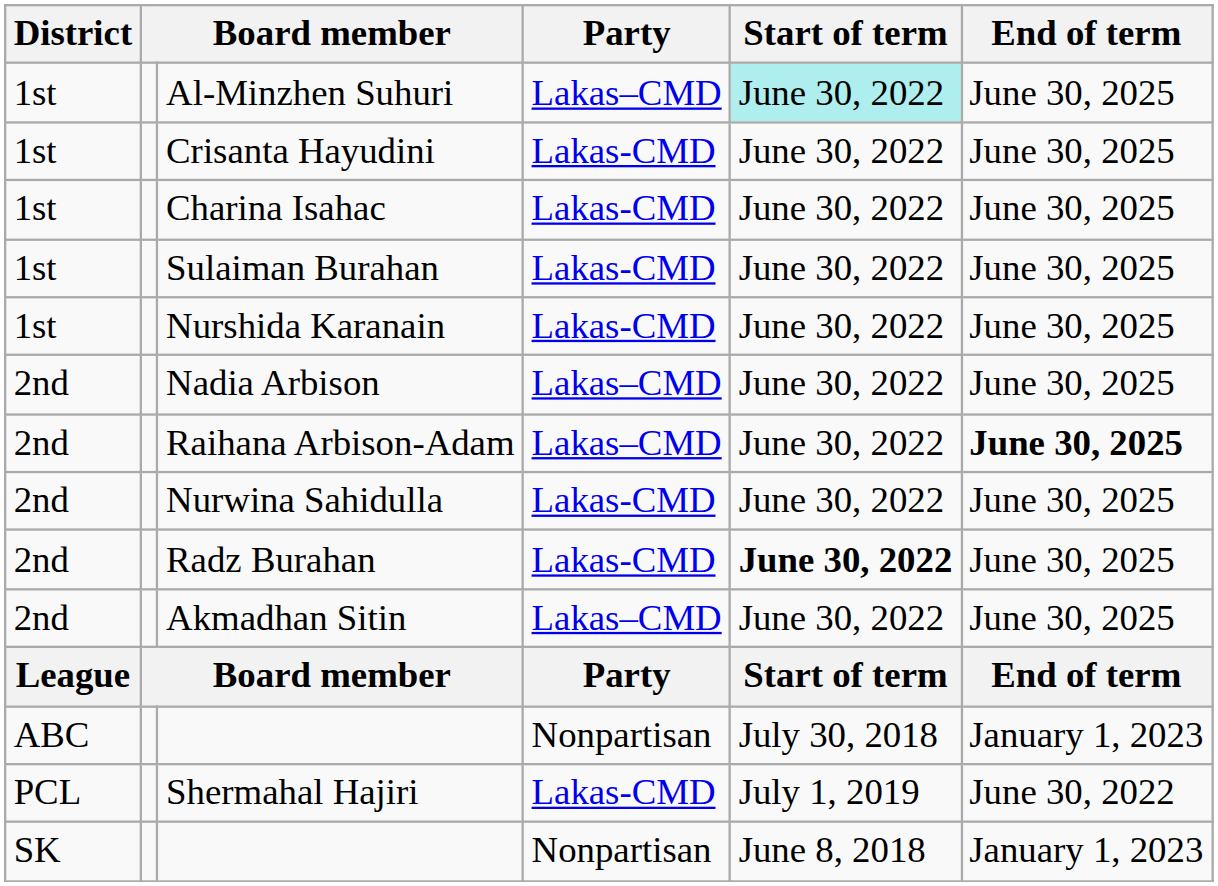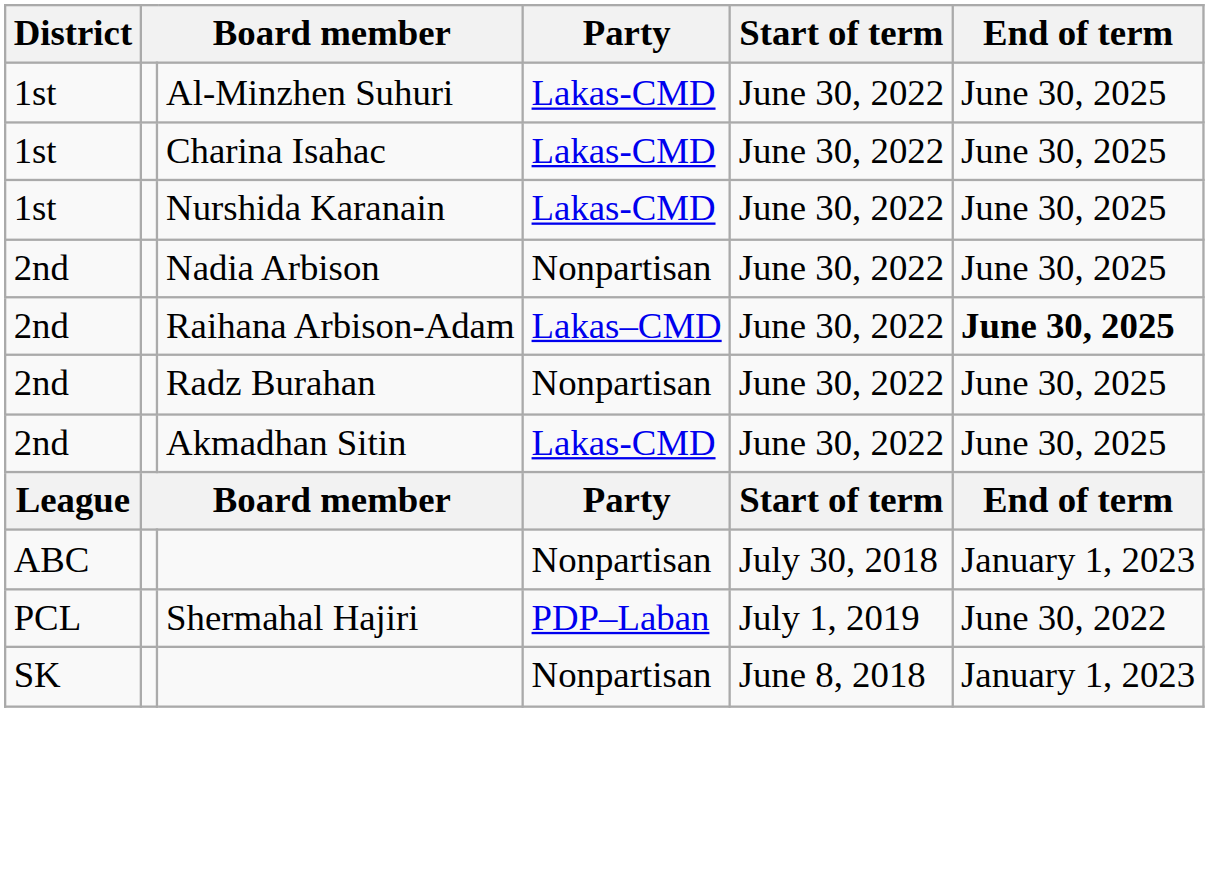 <table class="wikitable">
 <tr>
 <th>District</th>
 <th colspan="2">Board member</th>
 <th>Party</th>
 <th>Start of term</th>
 <th>End of term</th>
 </tr>
 <tr>
 <td>1st</td>
 <td></td>
 <td>Al-Minzhen Suhuri</td>
-<td><a href='#'>Lakas–CMD</a></td>
-<td style="background: paleturquoise;">June 30, 2022</td>
-<td>June 30, 2025</td>
-</tr>
-<tr>
-<td>1st</td>
-<td></td>
-<td>Crisanta Hayudini</td>
 <td><a href='#'>Lakas-CMD</a></td>
 <td>June 30, 2022</td>
 <td>June 30, 2025</td>
 </tr>
 <tr>
 <td>1st</td>
 <td></td>
 <td>Charina Isahac</td>
-<td><a href='#'>Lakas-CMD</a></td>
-<td>June 30, 2022</td>
-<td>June 30, 2025</td>
-</tr>
-<tr>
-<td>1st</td>
-<td></td>
-<td>Sulaiman Burahan</td>
 <td><a href='#'>Lakas-CMD</a></td>
 <td>June 30, 2022</td>
 <td>June 30, 2025</td>
 </tr>
 <tr>
 <td>1st</td>
 <td></td>
 <td>Nurshida Karanain</td>
 <td><a href='#'>Lakas-CMD</a></td>
 <td>June 30, 2022</td>
 <td>June 30, 2025</td>
 </tr>
 <tr>
 <td>2nd</td>
 <td></td>
 <td>Nadia Arbison</td>
-<td><a href='#'>Lakas–CMD</a></td>
+<td>Nonpartisan</td>
 <td>June 30, 2022</td>
 <td>June 30, 2025</td>
 </tr>
 <tr>
 <td>2nd</td>
 <td></td>
 <td>Raihana Arbison-Adam</td>
 <td><a href='#'>Lakas–CMD</a></td>
 <td>June 30, 2022</td>
 <td><strong>June 30, 2025</strong></td>
 </tr>
 <tr>
 <td>2nd</td>
 <td></td>
-<td>Nurwina Sahidulla</td>
-<td><a href='#'>Lakas-CMD</a></td>
+<td>Radz Burahan</td>
+<td>Nonpartisan</td>
 <td>June 30, 2022</td>
 <td>June 30, 2025</td>
 </tr>
 <tr>
 <td>2nd</td>
 <td></td>
-<td>Radz Burahan</td>
+<td>Akmadhan Sitin</td>
 <td><a href='#'>Lakas-CMD</a></td>
-<td><strong>June 30, 2022</strong></td>
-<td>June 30, 2025</td>
-</tr>
-<tr>
-<td>2nd</td>
-<td></td>
-<td>Akmadhan Sitin</td>
-<td><a href='#'>Lakas–CMD</a></td>
 <td>June 30, 2022</td>
 <td>June 30, 2025</td>
 </tr>
 <tr>
 <th>League</th>
 <th colspan="2">Board member</th>
 <th>Party</th>
 <th>Start of term</th>
 <th>End of term</th>
 </tr>
 <tr>
 <td>ABC</td>
 <td></td>
 <td></td>
 <td>Nonpartisan</td>
 <td>July 30, 2018</td>
 <td>January 1, 2023</td>
 </tr>
 <tr>
 <td>PCL</td>
 <td></td>
 <td>Shermahal Hajiri</td>
-<td><a href='#'>Lakas-CMD</a></td>
+<td><a href='#'>PDP–Laban</a></td>
 <td>July 1, 2019</td>
 <td>June 30, 2022</td>
 </tr>
 <tr>
 <td>SK</td>
 <td></td>
 <td></td>
 <td>Nonpartisan</td>
 <td>June 8, 2018</td>
 <td>January 1, 2023</td>
 </tr>
 </table>
